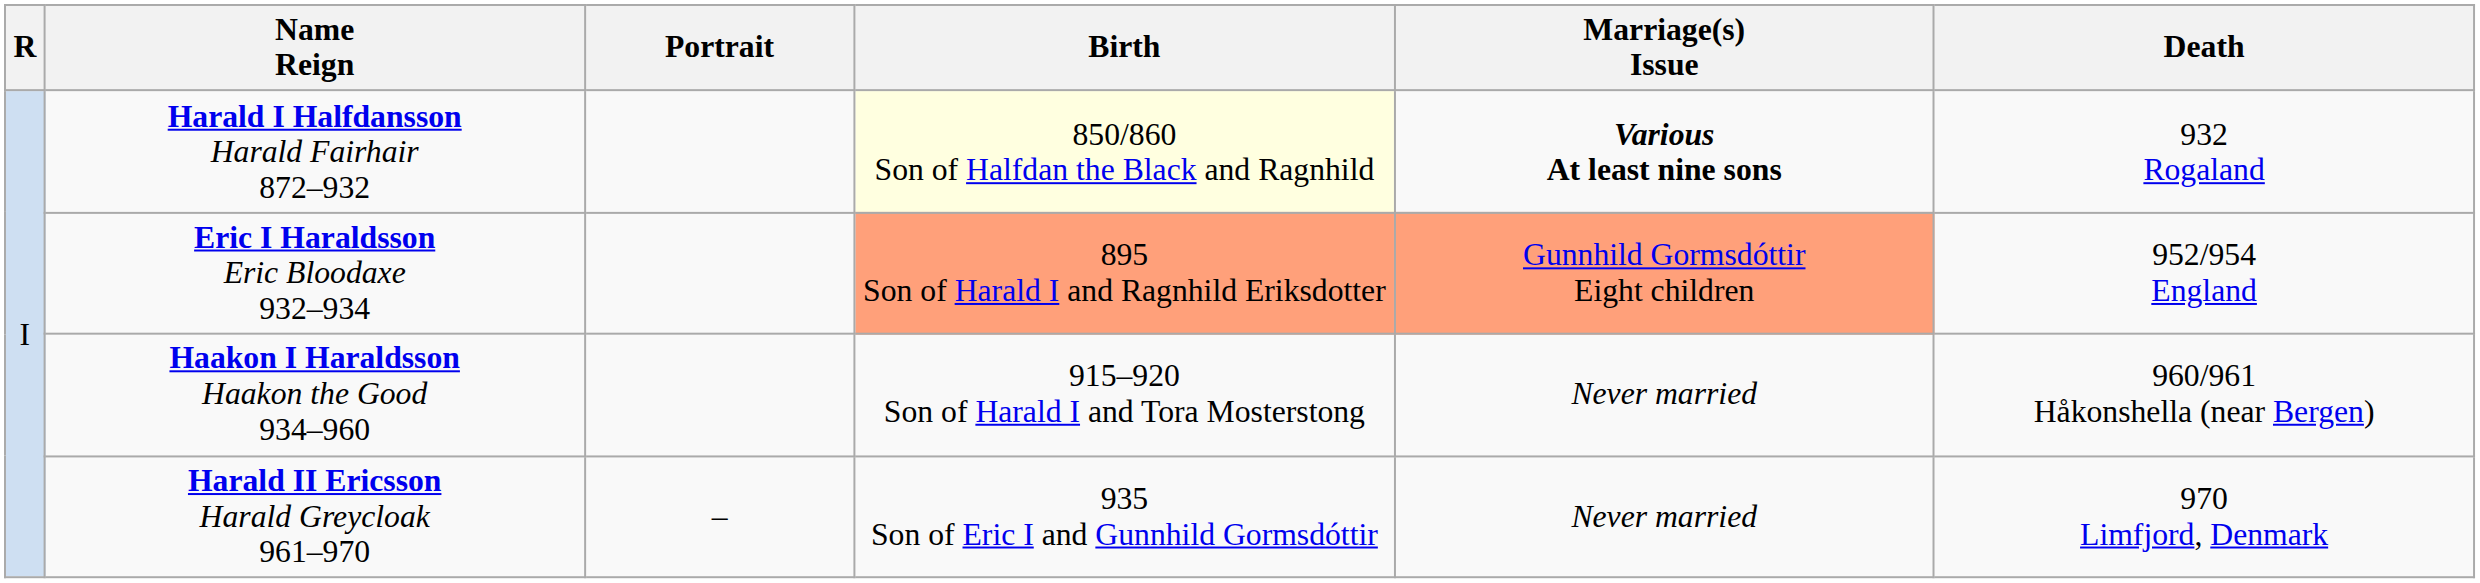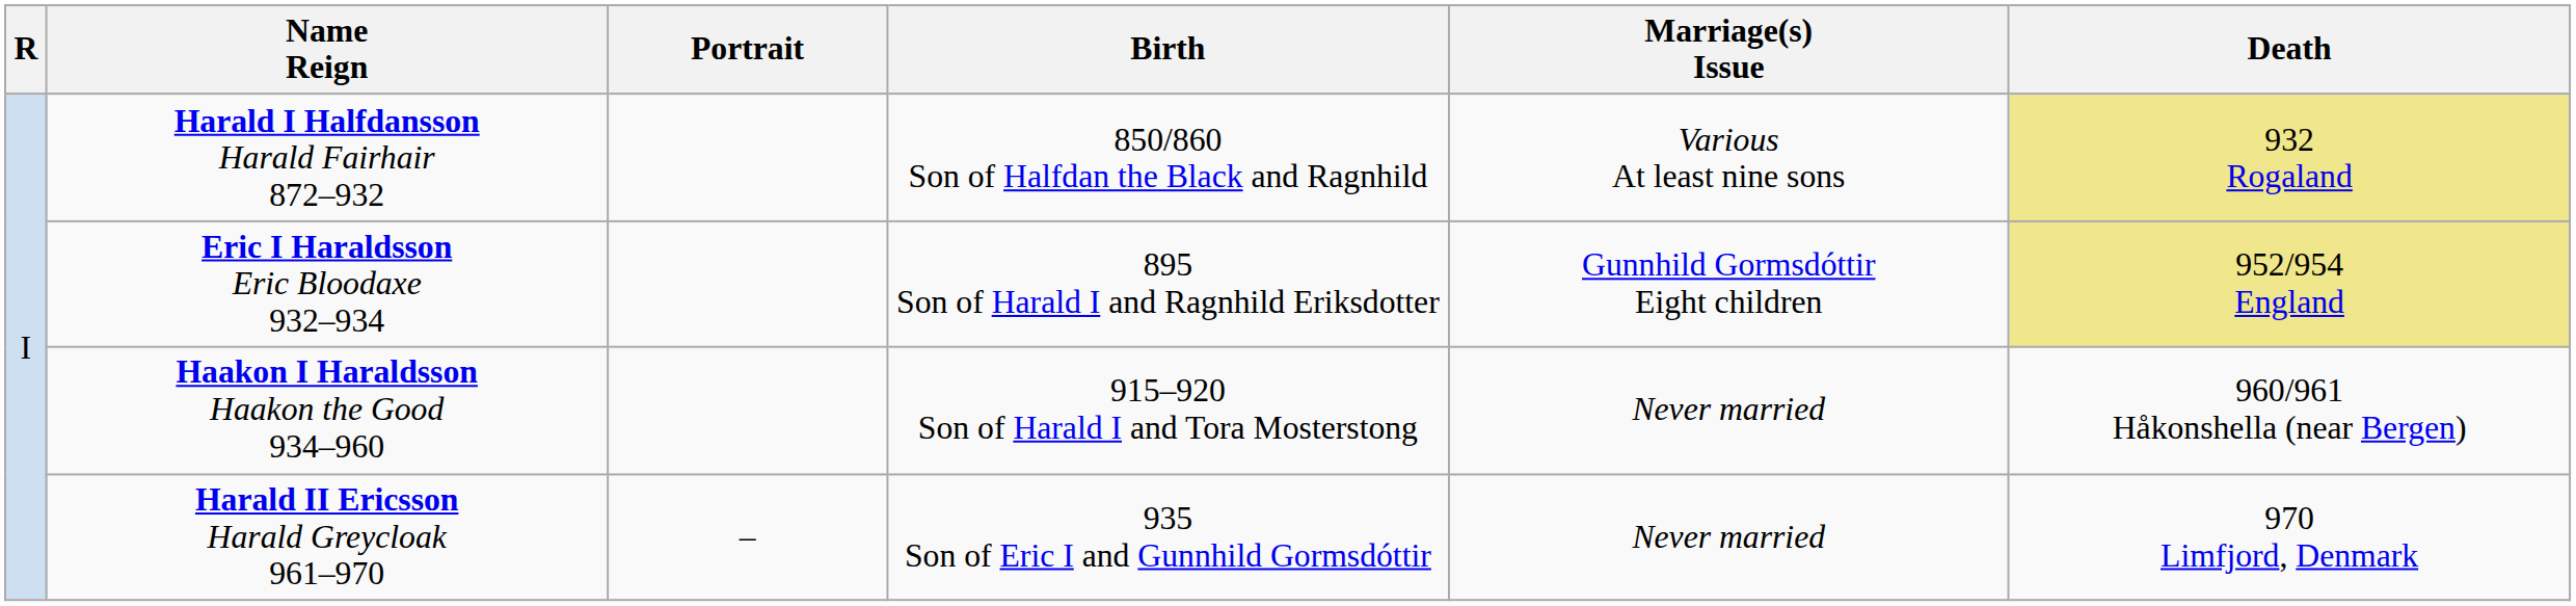 <table style="text-align:center" class="wikitable">
 <tr>
 <th width=1%>R</th>
 <th width=20%>Name<br>Reign</th>
 <th width=10%>Portrait</th>
 <th width=20%>Birth</th>
 <th width=20%>Marriage(s)<br>Issue</th>
 <th width=20%>Death</th>
 </tr>
 <tr>
 <td rowspan="4" style="background-color:#CEDFF2; text-align:center">I</td>
 <td><strong><a href='#'>Harald I Halfdansson</a></strong><br><em>Harald Fairhair</em><br> 872–932</td>
 <td><br><em></em></td>
-<td style="background: lightyellow;"> 850/860<br>Son of <a href='#'>Halfdan the Black</a> and Ragnhild</td>
-<td><strong><em>Various</em><br>At least nine sons</strong></td>
-<td> 932<br><a href='#'>Rogaland</a></td>
+<td> 850/860<br>Son of <a href='#'>Halfdan the Black</a> and Ragnhild</td>
+<td><em>Various</em><br>At least nine sons</td>
+<td style="background: khaki;"> 932<br><a href='#'>Rogaland</a></td>
 </tr>
 <tr>
 <td><strong><a href='#'>Eric I Haraldsson</a></strong><br><em>Eric Bloodaxe</em><br> 932–934</td>
 <td></td>
-<td style="background: lightsalmon;"> 895<br>Son of <a href='#'>Harald I</a> and Ragnhild Eriksdotter</td>
-<td style="background: lightsalmon;"><a href='#'>Gunnhild Gormsdóttir</a><br>Eight children</td>
-<td> 952/954<br><a href='#'>England</a></td>
+<td> 895<br>Son of <a href='#'>Harald I</a> and Ragnhild Eriksdotter</td>
+<td><a href='#'>Gunnhild Gormsdóttir</a><br>Eight children</td>
+<td style="background: khaki;"> 952/954<br><a href='#'>England</a></td>
 </tr>
 <tr>
 <td><strong><a href='#'>Haakon I Haraldsson</a></strong><br><em>Haakon the Good</em><br> 934–960</td>
 <td><br><em></em></td>
 <td> 915–920<br>Son of <a href='#'>Harald I</a> and Tora Mosterstong</td>
 <td><em>Never married</em></td>
 <td> 960/961<br>Håkonshella (near <a href='#'>Bergen</a>)</td>
 </tr>
 <tr>
 <td><strong><a href='#'>Harald II Ericsson</a></strong><br><em>Harald Greycloak</em><br> 961–970</td>
 <td>–</td>
 <td> 935<br>Son of <a href='#'>Eric I</a> and <a href='#'>Gunnhild Gormsdóttir</a></td>
 <td><em>Never married</em></td>
 <td> 970<br><a href='#'>Limfjord</a>, <a href='#'>Denmark</a></td>
 </tr>
 </table>
